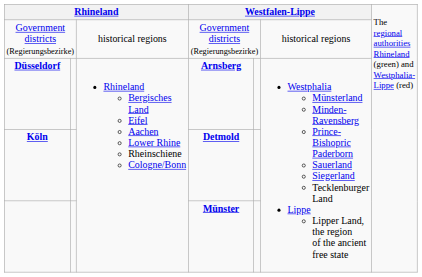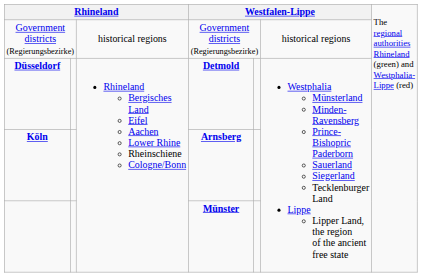 <table class="wikitable" style="clear: both">
 <tr style="vertical-align:top">
 <th colspan="3"> <a href='#'>Rhineland</a></th>
 <th colspan="3"> <a href='#'>Westfalen-Lippe</a></th>
 <td rowspan="5" style="font-size:88%"> <br>The <a href='#'>regional authorities</a> <a href='#'>Rhineland</a> (green) and <br><a href='#'>Westphalia-Lippe</a> (red)</td>
 </tr>
 <tr>
 <td colspan="2" style="text-align:center"><a href='#'>Government districts</a> <br><small>(Regierungsbezirke)</small></td>
 <td style="text-align:center">historical regions</td>
 <td colspan="2" style="text-align:center"><a href='#'>Government districts</a> <br><small>(Regierungsbezirke)</small></td>
 <td style="text-align:center">historical regions</td>
 </tr>
 <tr>
 <td style="vertical-align:top; text-align:center"><strong><a href='#'>Düsseldorf</a></strong></td>
 <td></td>
 <td style="vertical-align:top;" rowspan="3"><br><ul><li><a href='#'>Rhineland</a><ul><li><a href='#'>Bergisches Land</a></li><li><a href='#'>Eifel</a></li><li><a href='#'>Aachen</a></li><li><a href='#'>Lower Rhine</a></li><li>Rheinschiene</li><li><a href='#'>Cologne/Bonn</a></li></ul></li></ul></td>
-<td style="vertical-align:top; text-align:center"><strong><a href='#'>Arnsberg</a></strong></td>
+<td style="vertical-align:top; text-align:center"><strong><a href='#'>Detmold</a></strong></td>
 <td></td>
 <td style="vertical-align:top;" rowspan="3"><br><ul><li><a href='#'>Westphalia</a><ul><li><a href='#'>Münsterland</a></li><li><a href='#'>Minden-Ravensberg</a></li><li><a href='#'>Prince-Bishopric Paderborn</a></li><li><a href='#'>Sauerland</a></li><li><a href='#'>Siegerland</a></li><li>Tecklenburger Land</li></ul></li><li><a href='#'>Lippe</a><ul><li>Lipper Land, the region <br>of the ancient free state</li></ul></li></ul></td>
 </tr>
 <tr>
 <td style="vertical-align:top; text-align:center"><strong><a href='#'>Köln</a></strong></td>
 <td></td>
-<td style="vertical-align:top; text-align:center"><strong><a href='#'>Detmold</a></strong></td>
+<td style="vertical-align:top; text-align:center"><strong><a href='#'>Arnsberg</a></strong></td>
 <td></td>
 </tr>
 <tr>
 <td></td>
 <td></td>
 <td style="vertical-align:top; text-align:center"><strong><a href='#'>Münster</a></strong></td>
 <td></td>
 </tr>
 </table>
